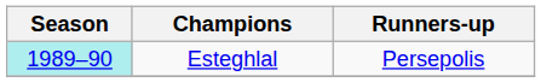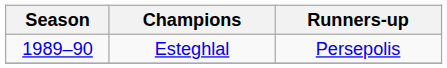 <table class="wikitable" style="text-align:center;margin-left:1em;font-size:90%;float:right">
 <tr>
 <th style="width:75px;">Season</th>
 <th style="width:125px;">Champions</th>
 <th style="width:125px;">Runners-up</th>
 </tr>
 <tr>
-<td style="background: paleturquoise; text-align:center;"><a href='#'>1989–90</a></td>
+<td style="text-align:center;"><a href='#'>1989–90</a></td>
 <td><a href='#'>Esteghlal</a></td>
 <td><a href='#'>Persepolis</a></td>
 </tr>
 <tr>
 </tr>
 </table>
